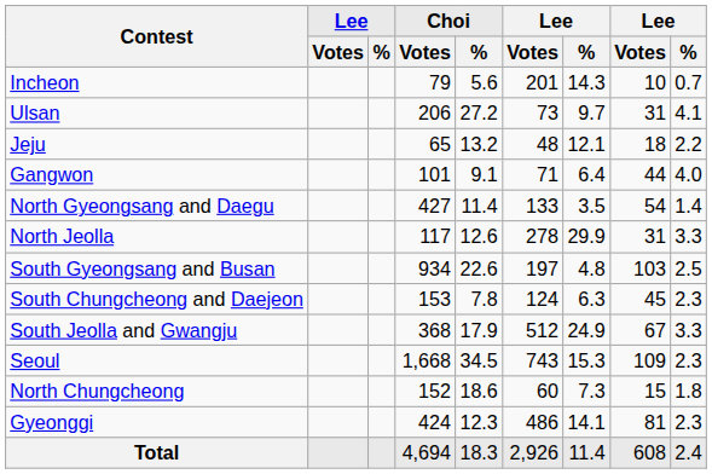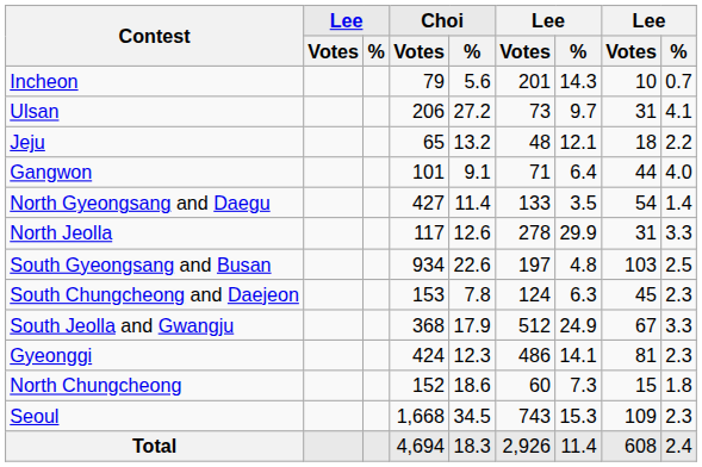 <table class="wikitable" style="text-align:right; font-size:95%">
 <tr>
 <th rowspan="2">Contest</th>
 <th colspan="2" align="center" style="background: #E9E9E9"><a href='#'>Lee<br></a></th>
 <th colspan="2" align="center" style="background: #E9E9E9">Choi<br></th>
 <th colspan="2">Lee<br></th>
 <th colspan="2">Lee<br></th>
 </tr>
 <tr>
 <th>Votes</th>
 <th>%</th>
 <th>Votes</th>
 <th>%</th>
 <th>Votes</th>
 <th>%</th>
 <th>Votes</th>
 <th>%</th>
 </tr>
 <tr>
 <td align="left"><a href='#'>Incheon</a><br></td>
 <td></td>
 <td></td>
 <td>79</td>
 <td>5.6</td>
 <td>201</td>
 <td>14.3</td>
 <td>10</td>
 <td>0.7</td>
 </tr>
 <tr>
 <td align="left"><a href='#'>Ulsan</a><br></td>
 <td></td>
 <td></td>
 <td>206</td>
 <td>27.2</td>
 <td>73</td>
 <td>9.7</td>
 <td>31</td>
 <td>4.1</td>
 </tr>
 <tr>
 <td align="left"><a href='#'>Jeju</a><br></td>
 <td></td>
 <td></td>
 <td>65</td>
 <td>13.2</td>
 <td>48</td>
 <td>12.1</td>
 <td>18</td>
 <td>2.2</td>
 </tr>
 <tr>
 <td align="left"><a href='#'>Gangwon</a><br></td>
 <td></td>
 <td></td>
 <td>101</td>
 <td>9.1</td>
 <td>71</td>
 <td>6.4</td>
 <td>44</td>
 <td>4.0</td>
 </tr>
 <tr>
 <td align="left"><a href='#'>North Gyeongsang</a> and <a href='#'>Daegu</a><br></td>
 <td></td>
 <td></td>
 <td>427</td>
 <td>11.4</td>
 <td>133</td>
 <td>3.5</td>
 <td>54</td>
 <td>1.4</td>
 </tr>
 <tr>
 <td align="left"><a href='#'>North Jeolla</a><br></td>
 <td></td>
 <td></td>
 <td>117</td>
 <td>12.6</td>
 <td>278</td>
 <td>29.9</td>
 <td>31</td>
 <td>3.3</td>
 </tr>
 <tr>
 <td align="left"><a href='#'>South Gyeongsang</a> and <a href='#'>Busan</a><br></td>
 <td></td>
 <td></td>
 <td>934</td>
 <td>22.6</td>
 <td>197</td>
 <td>4.8</td>
 <td>103</td>
 <td>2.5</td>
 </tr>
 <tr>
 <td align="left"><a href='#'>South Chungcheong</a> and <a href='#'>Daejeon</a><br></td>
 <td></td>
 <td></td>
 <td>153</td>
 <td>7.8</td>
 <td>124</td>
 <td>6.3</td>
 <td>45</td>
 <td>2.3</td>
 </tr>
 <tr>
 <td align="left"><a href='#'>South Jeolla</a> and <a href='#'>Gwangju</a><br></td>
 <td></td>
 <td></td>
 <td>368</td>
 <td>17.9</td>
 <td>512</td>
 <td>24.9</td>
 <td>67</td>
 <td>3.3</td>
 </tr>
 <tr>
-<td align="left"><a href='#'>Seoul</a><br></td>
+<td align="left"><a href='#'>Gyeonggi</a><br></td>
 <td></td>
 <td></td>
-<td>1,668</td>
-<td>34.5</td>
-<td>743</td>
-<td>15.3</td>
-<td>109</td>
+<td>424</td>
+<td>12.3</td>
+<td>486</td>
+<td>14.1</td>
+<td>81</td>
 <td>2.3</td>
 </tr>
 <tr>
 <td align="left"><a href='#'>North Chungcheong</a><br></td>
 <td></td>
 <td></td>
 <td>152</td>
 <td>18.6</td>
 <td>60</td>
 <td>7.3</td>
 <td>15</td>
 <td>1.8</td>
 </tr>
 <tr>
-<td align="left"><a href='#'>Gyeonggi</a><br></td>
+<td align="left"><a href='#'>Seoul</a><br></td>
 <td></td>
 <td></td>
-<td>424</td>
-<td>12.3</td>
-<td>486</td>
-<td>14.1</td>
-<td>81</td>
+<td>1,668</td>
+<td>34.5</td>
+<td>743</td>
+<td>15.3</td>
+<td>109</td>
 <td>2.3</td>
 </tr>
 <tr style="background:#E9E9E9">
 <th><strong>Total</strong></th>
 <td></td>
 <td></td>
 <td>4,694</td>
 <td>18.3</td>
 <td>2,926</td>
 <td>11.4</td>
 <td>608</td>
 <td>2.4</td>
 </tr>
 </table>
